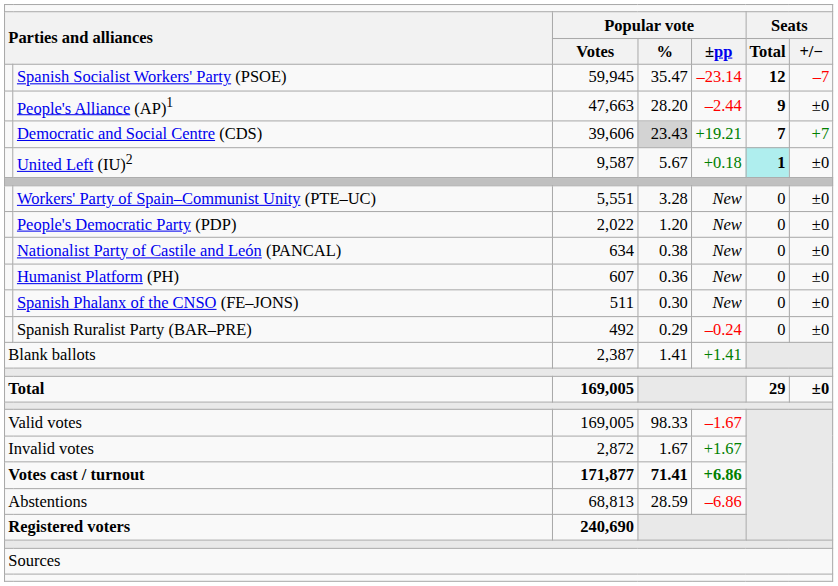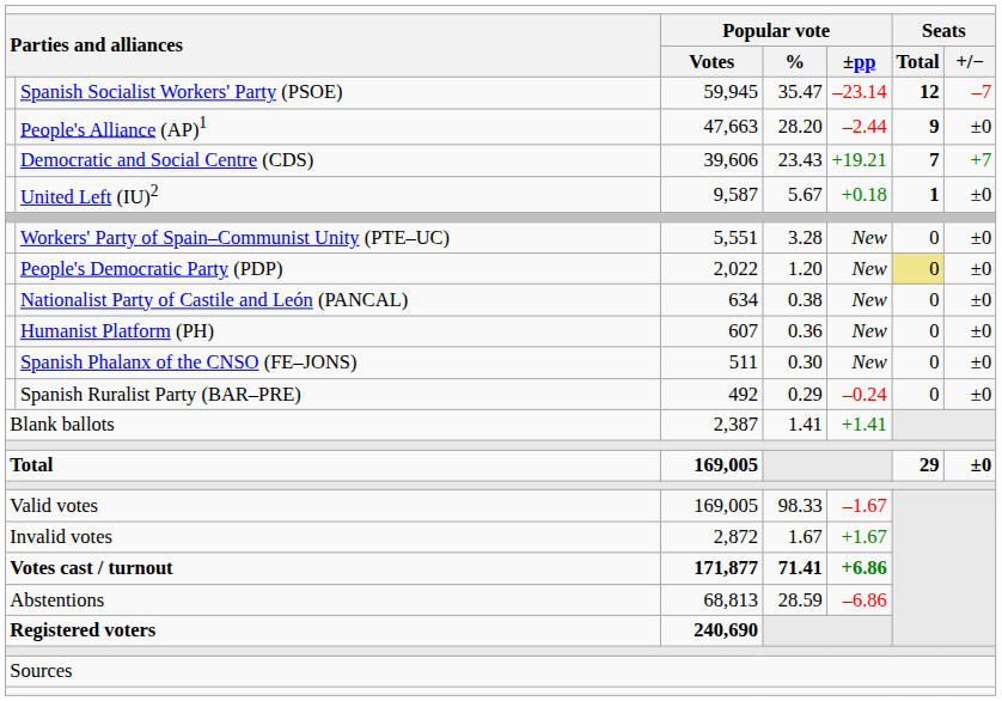 <table class="wikitable" style="text-align:right;">
 <tr>
 <td colspan="7"></td>
 </tr>
 <tr>
 <th style="text-align:left;" rowspan="2" colspan="2" width="525">Parties and alliances</th>
 <th colspan="3">Popular vote</th>
 <th colspan="2">Seats</th>
 </tr>
 <tr>
 <th width="75">Votes</th>
 <th width="45">%</th>
 <th width="45">±<a href='#'>pp</a></th>
 <th width="35">Total</th>
 <th width="35">+/−</th>
 </tr>
 <tr>
 <td width="1" style="color:inherit;background:"></td>
 <td align="left"><a href='#'>Spanish Socialist Workers' Party</a> (PSOE)</td>
 <td>59,945</td>
 <td>35.47</td>
 <td style="color:red;">–23.14</td>
 <td><strong>12</strong></td>
 <td style="color:red;">–7</td>
 </tr>
 <tr>
 <td style="color:inherit;background:"></td>
 <td align="left"><a href='#'>People's Alliance</a> (AP)<sup>1</sup></td>
 <td>47,663</td>
 <td>28.20</td>
 <td style="color:red;">–2.44</td>
 <td><strong>9</strong></td>
 <td>±0</td>
 </tr>
 <tr>
 <td style="color:inherit;background:"></td>
 <td align="left"><a href='#'>Democratic and Social Centre</a> (CDS)</td>
 <td>39,606</td>
-<td style="background: lightgrey;">23.43</td>
+<td>23.43</td>
 <td style="color:green;">+19.21</td>
 <td><strong>7</strong></td>
 <td style="color:green;">+7</td>
 </tr>
 <tr>
 <td style="color:inherit;background:"></td>
 <td align="left"><a href='#'>United Left</a> (IU)<sup>2</sup></td>
 <td>9,587</td>
 <td>5.67</td>
 <td style="color:green;">+0.18</td>
-<td style="background: paleturquoise;"><strong>1</strong></td>
+<td><strong>1</strong></td>
 <td>±0</td>
 </tr>
 <tr>
 <td colspan="7" bgcolor="#C0C0C0"></td>
 </tr>
 <tr>
 <td style="color:inherit;background:"></td>
 <td align="left"><a href='#'>Workers' Party of Spain–Communist Unity</a> (PTE–UC)</td>
 <td>5,551</td>
 <td>3.28</td>
 <td><em>New</em></td>
 <td>0</td>
 <td>±0</td>
 </tr>
 <tr>
 <td style="color:inherit;background:"></td>
 <td align="left"><a href='#'>People's Democratic Party</a> (PDP)</td>
 <td>2,022</td>
 <td>1.20</td>
 <td><em>New</em></td>
-<td>0</td>
+<td style="background: khaki;">0</td>
 <td>±0</td>
 </tr>
 <tr>
 <td style="color:inherit;background:"></td>
 <td align="left"><a href='#'>Nationalist Party of Castile and León</a> (PANCAL)</td>
 <td>634</td>
 <td>0.38</td>
 <td><em>New</em></td>
 <td>0</td>
 <td>±0</td>
 </tr>
 <tr>
 <td style="color:inherit;background:"></td>
 <td align="left"><a href='#'>Humanist Platform</a> (PH)</td>
 <td>607</td>
 <td>0.36</td>
 <td><em>New</em></td>
 <td>0</td>
 <td>±0</td>
 </tr>
 <tr>
 <td style="color:inherit;background:"></td>
 <td align="left"><a href='#'>Spanish Phalanx of the CNSO</a> (FE–JONS)</td>
 <td>511</td>
 <td>0.30</td>
 <td><em>New</em></td>
 <td>0</td>
 <td>±0</td>
 </tr>
 <tr>
 <td style="color:inherit;background:"></td>
 <td align="left">Spanish Ruralist Party (BAR–PRE)</td>
 <td>492</td>
 <td>0.29</td>
 <td style="color:red;">–0.24</td>
 <td>0</td>
 <td>±0</td>
 </tr>
 <tr>
 <td align="left" colspan="2">Blank ballots</td>
 <td>2,387</td>
 <td>1.41</td>
 <td style="color:green;">+1.41</td>
 <td bgcolor="#E9E9E9" colspan="2"></td>
 </tr>
 <tr>
 <td colspan="7" bgcolor="#E9E9E9"></td>
 </tr>
 <tr style="font-weight:bold;">
 <td align="left" colspan="2">Total</td>
 <td>169,005</td>
 <td bgcolor="#E9E9E9" colspan="2"></td>
 <td>29</td>
 <td>±0</td>
 </tr>
 <tr>
 <td colspan="7" bgcolor="#E9E9E9"></td>
 </tr>
 <tr>
 <td align="left" colspan="2">Valid votes</td>
 <td>169,005</td>
 <td>98.33</td>
 <td style="color:red;">–1.67</td>
 <td bgcolor="#E9E9E9" colspan="2" rowspan="5"></td>
 </tr>
 <tr>
 <td align="left" colspan="2">Invalid votes</td>
 <td>2,872</td>
 <td>1.67</td>
 <td style="color:green;">+1.67</td>
 </tr>
 <tr style="font-weight:bold;">
 <td align="left" colspan="2">Votes cast / turnout</td>
 <td>171,877</td>
 <td>71.41</td>
 <td style="color:green;">+6.86</td>
 </tr>
 <tr>
 <td align="left" colspan="2">Abstentions</td>
 <td>68,813</td>
 <td>28.59</td>
 <td style="color:red;">–6.86</td>
 </tr>
 <tr style="font-weight:bold;">
 <td align="left" colspan="2">Registered voters</td>
 <td>240,690</td>
 <td bgcolor="#E9E9E9" colspan="2"></td>
 </tr>
 <tr>
 <td colspan="7" bgcolor="#E9E9E9"></td>
 </tr>
 <tr>
 <td align="left" colspan="7">Sources</td>
 </tr>
 <tr>
 <td colspan="7" style="text-align:left; max-width:790px;"></td>
 </tr>
 </table>
